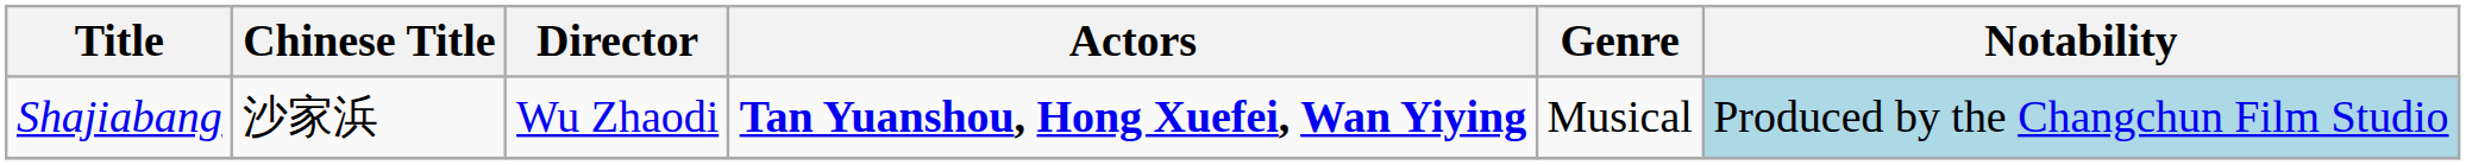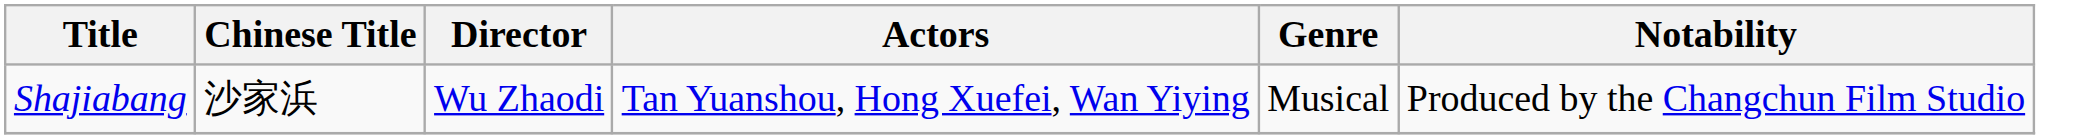 <table class="wikitable">
 <tr>
 <th>Title</th>
 <th>Chinese Title</th>
 <th>Director</th>
 <th>Actors</th>
 <th>Genre</th>
 <th>Notability</th>
 </tr>
 <tr>
 <td><em><a href='#'>Shajiabang</a></em></td>
 <td>沙家浜</td>
 <td><a href='#'>Wu Zhaodi</a></td>
-<td><strong><a href='#'>Tan Yuanshou</a>, <a href='#'>Hong Xuefei</a>, <a href='#'>Wan Yiying</a></strong></td>
+<td><a href='#'>Tan Yuanshou</a>, <a href='#'>Hong Xuefei</a>, <a href='#'>Wan Yiying</a></td>
 <td>Musical</td>
-<td style="background: lightblue;">Produced by the <a href='#'>Changchun Film Studio</a></td>
+<td>Produced by the <a href='#'>Changchun Film Studio</a></td>
 </tr>
 <tr>
 </tr>
 </table>
